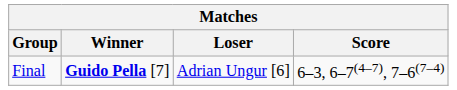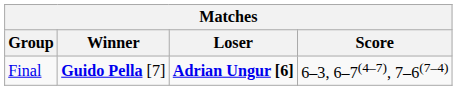 <table class="wikitable collapsible uncollapsed" border=1 style="margin:1em auto;">
 <tr>
 <th colspan=4><strong>Matches</strong></th>
 </tr>
 <tr>
 <th>Group</th>
 <th>Winner</th>
 <th>Loser</th>
 <th>Score</th>
 </tr>
 <tr>
 <td><a href='#'>Final</a></td>
 <td> <strong><a href='#'>Guido Pella</a></strong> [7]</td>
-<td> <a href='#'>Adrian Ungur</a> [6]</td>
+<td><strong> <a href='#'>Adrian Ungur</a> [6]</strong></td>
 <td>6–3, 6–7<sup>(4–7)</sup>, 7–6<sup>(7–4)</sup></td>
 </tr>
 </table>
